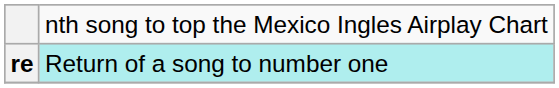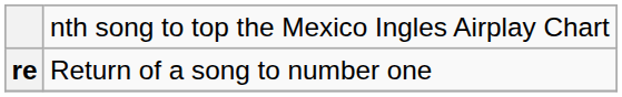 <table class="wikitable plainrowheaders" style="font-size:90%;">
 <tr>
 <th scope=col></th>
 <td>nth song to top the Mexico Ingles Airplay Chart</td>
 </tr>
 <tr>
 <th scope=row style="text-align:center;">re</th>
-<td style="background: paleturquoise;">Return of a song to number one</td>
+<td>Return of a song to number one</td>
 </tr>
 <tr>
 </tr>
 </table>
